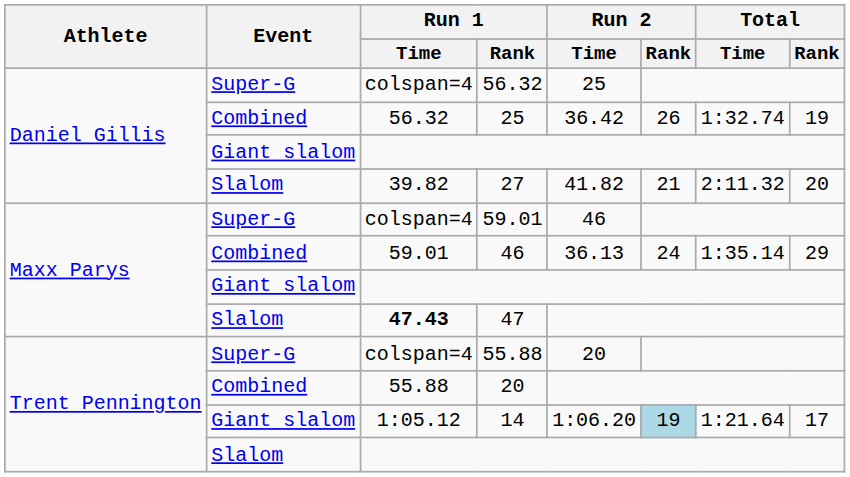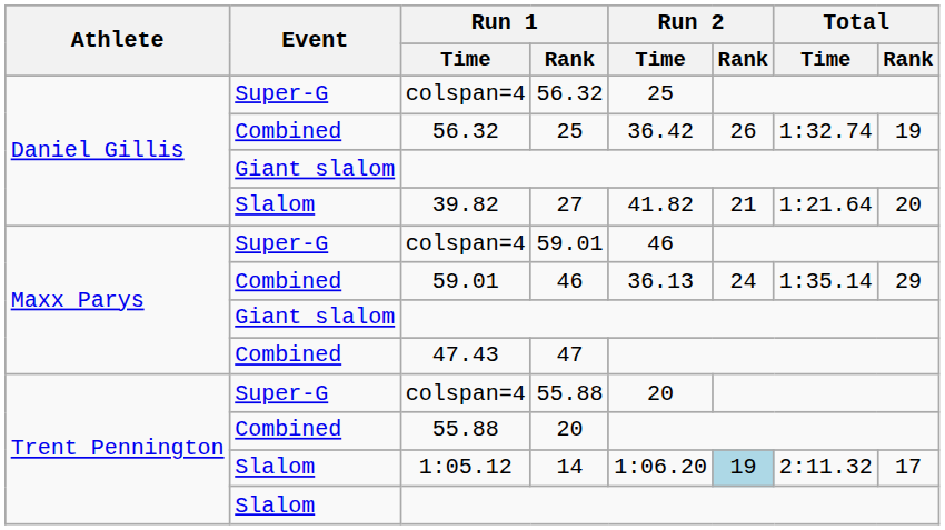 <table class="wikitable" style="font-size:90%">
 <tr>
 <th rowspan=2>Athlete</th>
 <th rowspan=2>Event</th>
 <th colspan=2>Run 1</th>
 <th colspan=2>Run 2</th>
 <th colspan=2>Total</th>
 </tr>
 <tr style="font-size:95%">
 <th>Time</th>
 <th>Rank</th>
 <th>Time</th>
 <th>Rank</th>
 <th>Time</th>
 <th>Rank</th>
 </tr>
 <tr align=center>
 <td align="left" rowspan="4"><a href='#'>Daniel Gillis</a><br></td>
 <td align="left"><a href='#'>Super-G</a></td>
 <td>colspan=4</td>
 <td>56.32</td>
 <td>25</td>
 </tr>
 <tr align=center>
 <td align="left"><a href='#'>Combined</a></td>
 <td>56.32</td>
 <td>25</td>
 <td>36.42</td>
 <td>26</td>
 <td>1:32.74</td>
 <td>19</td>
 </tr>
 <tr align=center>
 <td align="left"><a href='#'>Giant slalom</a></td>
 <td colspan=6></td>
 </tr>
 <tr align=center>
 <td align="left"><a href='#'>Slalom</a></td>
 <td>39.82</td>
 <td>27</td>
 <td>41.82</td>
 <td>21</td>
-<td>2:11.32</td>
+<td>1:21.64</td>
 <td>20</td>
 </tr>
 <tr align=center>
 <td align="left" rowspan="4"><a href='#'>Maxx Parys</a><br></td>
 <td align="left"><a href='#'>Super-G</a></td>
 <td>colspan=4</td>
 <td>59.01</td>
 <td>46</td>
 </tr>
 <tr align=center>
 <td align="left"><a href='#'>Combined</a></td>
 <td>59.01</td>
 <td>46</td>
 <td>36.13</td>
 <td>24</td>
 <td>1:35.14</td>
 <td>29</td>
 </tr>
 <tr align=center>
 <td align="left"><a href='#'>Giant slalom</a></td>
 <td colspan=6></td>
 </tr>
 <tr align=center>
-<td align="left"><a href='#'>Slalom</a></td>
-<td><strong>47.43</strong></td>
+<td align="left"><a href='#'>Combined</a></td>
+<td>47.43</td>
 <td>47</td>
 <td colspan=4></td>
 </tr>
 <tr align=center>
 <td align="left" rowspan="4"><a href='#'>Trent Pennington</a><br></td>
 <td align="left"><a href='#'>Super-G</a></td>
 <td>colspan=4</td>
 <td>55.88</td>
 <td>20</td>
 </tr>
 <tr align=center>
 <td align="left"><a href='#'>Combined</a></td>
 <td>55.88</td>
 <td>20</td>
 <td colspan=4></td>
 </tr>
 <tr align=center>
-<td align="left"><a href='#'>Giant slalom</a></td>
+<td align="left"><a href='#'>Slalom</a></td>
 <td>1:05.12</td>
 <td>14</td>
 <td>1:06.20</td>
 <td style="background: lightblue;">19</td>
-<td>1:21.64</td>
+<td>2:11.32</td>
 <td>17</td>
 </tr>
 <tr align=center>
 <td align="left"><a href='#'>Slalom</a></td>
 <td colspan=6></td>
 </tr>
 </table>
